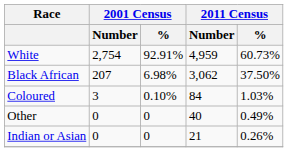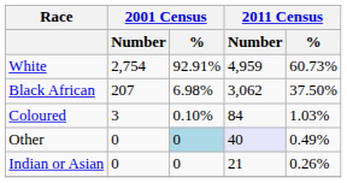 <table class="wikitable sortable">
 <tr valign=top>
 <th colspan="1">Race</th>
 <th colspan="2"><a href='#'>2001 Census</a></th>
 <th colspan="2"><a href='#'>2011 Census</a></th>
 </tr>
 <tr>
 <th></th>
 <th data-sort-type="number">Number</th>
 <th>%</th>
 <th data-sort-type="number">Number</th>
 <th>%</th>
 </tr>
 <tr>
 <td align="left"><a href='#'>White</a></td>
 <td>2,754</td>
 <td>92.91%</td>
 <td>4,959</td>
 <td>60.73%</td>
 </tr>
 <tr>
 <td align="left"><a href='#'>Black African</a></td>
 <td>207</td>
 <td>6.98%</td>
 <td>3,062</td>
 <td>37.50%</td>
 </tr>
 <tr>
 <td align="left"><a href='#'>Coloured</a></td>
 <td>3</td>
 <td>0.10%</td>
 <td>84</td>
 <td>1.03%</td>
 </tr>
 <tr>
 <td align="left">Other</td>
 <td>0</td>
-<td>0</td>
-<td>40</td>
+<td style="background: lightblue;">0</td>
+<td style="background: lavender;">40</td>
 <td>0.49%</td>
 </tr>
 <tr>
 <td align="left"><a href='#'>Indian or Asian</a></td>
 <td>0</td>
 <td>0</td>
 <td>21</td>
 <td>0.26%</td>
 </tr>
 <tr>
 </tr>
 </table>
